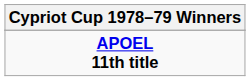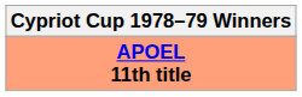 <table class="wikitable" style="text-align:center;margin: 0 auto;">
 <tr>
 <th>Cypriot Cup 1978–79 Winners</th>
 </tr>
 <tr>
 </tr>
 <tr>
-<td><strong><a href='#'>APOEL</a></strong><br><strong>11th title</strong></td>
+<td style="background: lightsalmon;"><strong><a href='#'>APOEL</a></strong><br><strong>11th title</strong></td>
 </tr>
 </table>
